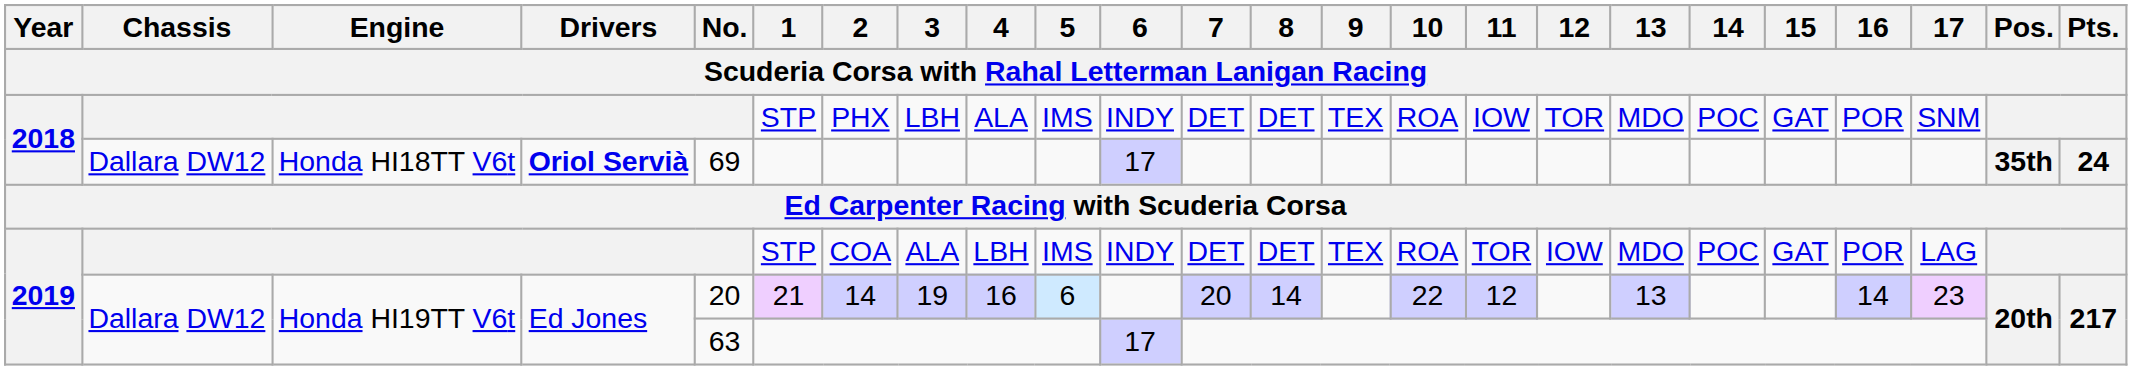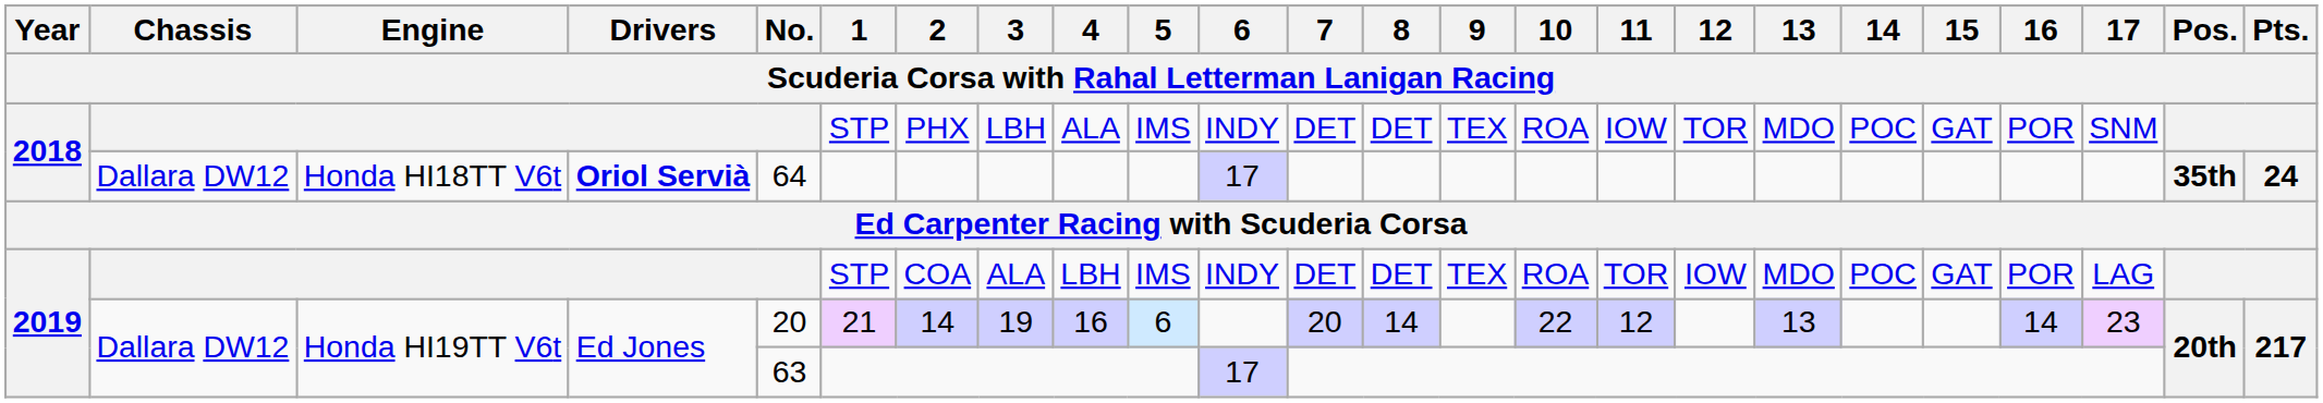 <table class="wikitable" style="text-align:center; font-size:85%">
 <tr>
 <th>Year</th>
 <th style="white-spaaace: nowrap;">Chassis</th>
 <th style="white-spaaace: nowrap;">Engine</th>
 <th style="white-spaaace: nowrap;">Drivers</th>
 <th>No.</th>
 <th>1</th>
 <th>2</th>
 <th>3</th>
 <th>4</th>
 <th>5</th>
 <th>6</th>
 <th>7</th>
 <th>8</th>
 <th>9</th>
 <th>10</th>
 <th>11</th>
 <th>12</th>
 <th>13</th>
 <th>14</th>
 <th>15</th>
 <th>16</th>
 <th>17</th>
 <th>Pos.</th>
 <th>Pts.</th>
 </tr>
 <tr>
 <th colspan=26>Scuderia Corsa with <a href='#'>Rahal Letterman Lanigan Racing</a></th>
 </tr>
 <tr>
 <th rowspan=2><a href='#'>2018</a></th>
 <th colspan=4></th>
 <td><a href='#'>STP</a></td>
 <td><a href='#'>PHX</a></td>
 <td><a href='#'>LBH</a></td>
 <td><a href='#'>ALA</a></td>
 <td><a href='#'>IMS</a></td>
 <td><a href='#'>INDY</a></td>
 <td><a href='#'>DET</a></td>
 <td><a href='#'>DET</a></td>
 <td><a href='#'>TEX</a></td>
 <td><a href='#'>ROA</a></td>
 <td><a href='#'>IOW</a></td>
 <td><a href='#'>TOR</a></td>
 <td><a href='#'>MDO</a></td>
 <td><a href='#'>POC</a></td>
 <td><a href='#'>GAT</a></td>
 <td><a href='#'>POR</a></td>
 <td><a href='#'>SNM</a></td>
 <th colspan=4></th>
 </tr>
 <tr>
 <td><a href='#'>Dallara</a> <a href='#'>DW12</a></td>
 <td><a href='#'>Honda</a> HI18TT <a href='#'>V6</a><a href='#'>t</a></td>
 <td align="left"><strong> <a href='#'>Oriol Servià</a></strong></td>
-<td>69</td>
+<td>64</td>
 <td></td>
 <td></td>
 <td></td>
 <td></td>
 <td></td>
 <td style="background:#CFCFFF;">17</td>
 <td></td>
 <td></td>
 <td></td>
 <td></td>
 <td></td>
 <td></td>
 <td></td>
 <td></td>
 <td></td>
 <td></td>
 <td></td>
 <th>35th</th>
 <th>24</th>
 </tr>
 <tr>
 <th colspan=26><a href='#'>Ed Carpenter Racing</a> with Scuderia Corsa</th>
 </tr>
 <tr>
 <th rowspan=3><a href='#'>2019</a></th>
 <th colspan=4></th>
 <td><a href='#'>STP</a></td>
 <td><a href='#'>COA</a></td>
 <td><a href='#'>ALA</a></td>
 <td><a href='#'>LBH</a></td>
 <td><a href='#'>IMS</a></td>
 <td><a href='#'>INDY</a></td>
 <td><a href='#'>DET</a></td>
 <td><a href='#'>DET</a></td>
 <td><a href='#'>TEX</a></td>
 <td><a href='#'>ROA</a></td>
 <td><a href='#'>TOR</a></td>
 <td><a href='#'>IOW</a></td>
 <td><a href='#'>MDO</a></td>
 <td><a href='#'>POC</a></td>
 <td><a href='#'>GAT</a></td>
 <td><a href='#'>POR</a></td>
 <td><a href='#'>LAG</a></td>
 <th colspan=4></th>
 </tr>
 <tr>
 <td rowspan=2><a href='#'>Dallara</a> <a href='#'>DW12</a></td>
 <td rowspan=2><a href='#'>Honda</a> HI19TT <a href='#'>V6</a><a href='#'>t</a></td>
 <td rowspan=2 align="left"> <a href='#'>Ed Jones</a></td>
 <td>20</td>
 <td style="background:#EFCFFF;">21</td>
 <td style="background:#CFCFFF;">14</td>
 <td style="background:#CFCFFF;">19</td>
 <td style="background:#CFCFFF;">16</td>
 <td style="background:#CFEAFF;">6</td>
 <td></td>
 <td style="background:#CFCFFF;">20</td>
 <td style="background:#CFCFFF;">14</td>
 <td></td>
 <td style="background:#CFCFFF;">22</td>
 <td style="background:#CFCFFF;">12</td>
 <td></td>
 <td style="background:#CFCFFF;">13</td>
 <td></td>
 <td></td>
 <td style="background:#CFCFFF;">14</td>
 <td style="background:#EFCFFF;">23</td>
 <th rowspan=2>20th</th>
 <th rowspan=2>217</th>
 </tr>
 <tr>
 <td>63</td>
 <td colspan=5></td>
 <td style="background:#CFCFFF;">17</td>
 <td colspan=11></td>
 </tr>
 </table>
